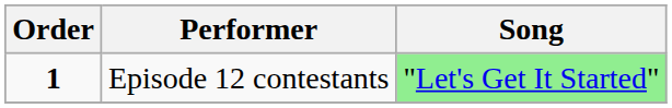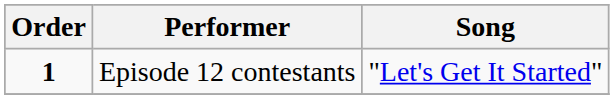 <table class="wikitable" style="text-align:center">
 <tr>
 <th>Order</th>
 <th>Performer</th>
 <th>Song</th>
 </tr>
 <tr>
 <td><strong>1</strong></td>
 <td>Episode 12 contestants</td>
-<td style="background: lightgreen;">"<a href='#'>Let's Get It Started</a>"</td>
+<td>"<a href='#'>Let's Get It Started</a>"</td>
 </tr>
 <tr>
 </tr>
 </table>
